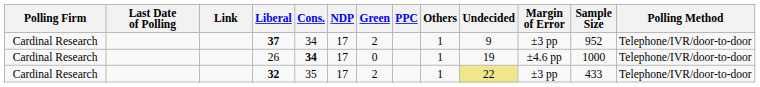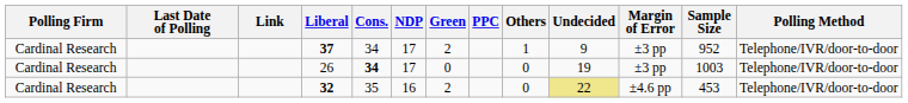 <table class="wikitable sortable" style="text-align:center;font-size:90%;line-height:14px;">
 <tr style="background:#e9e9e9;">
 <th style="width:120px">Polling Firm</th>
 <th style="width:110px">Last Date<br>of Polling</th>
 <th style="width:60px" class="unsortable">Link</th>
 <th style="background-color:"><a href='#'>Liberal</a></th>
 <th style="background-color:"><a href='#'>Cons.</a></th>
 <th style="background-color:"><a href='#'>NDP</a></th>
 <th style="background-color:"><a href='#'>Green</a></th>
 <th style="background-color:"><a href='#'><span>PPC</span></a></th>
 <th style="background-color:">Others</th>
 <th style="background-color:">Undecided</th>
 <th style="width:60px;" class=unsortable>Margin<br>of Error</th>
 <th style="width:50px;" class=unsortable>Sample<br>Size</th>
 <th class=unsortable>Polling Method</th>
 </tr>
 <tr>
 <td>Cardinal Research</td>
 <td></td>
 <td></td>
 <td><strong>37</strong></td>
 <td>34</td>
 <td>17</td>
 <td>2</td>
 <td></td>
 <td>1</td>
 <td>9</td>
 <td>±3 pp</td>
 <td>952</td>
 <td>Telephone/IVR/door-to-door</td>
 </tr>
 <tr>
 <td>Cardinal Research</td>
 <td></td>
 <td></td>
 <td>26</td>
 <td><strong>34</strong></td>
 <td>17</td>
 <td>0</td>
 <td></td>
-<td>1</td>
+<td>0</td>
 <td>19</td>
-<td>±4.6 pp</td>
-<td>1000</td>
+<td>±3 pp</td>
+<td>1003</td>
 <td>Telephone/IVR/door-to-door</td>
 </tr>
 <tr>
 <td>Cardinal Research</td>
 <td></td>
 <td></td>
 <td><strong>32</strong></td>
 <td>35</td>
-<td>17</td>
+<td>16</td>
 <td>2</td>
 <td></td>
-<td>1</td>
+<td>0</td>
 <td style="background: khaki;">22</td>
-<td>±3 pp</td>
-<td>433</td>
+<td>±4.6 pp</td>
+<td>453</td>
 <td>Telephone/IVR/door-to-door</td>
 </tr>
 </table>
